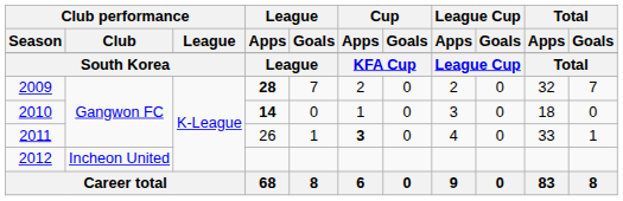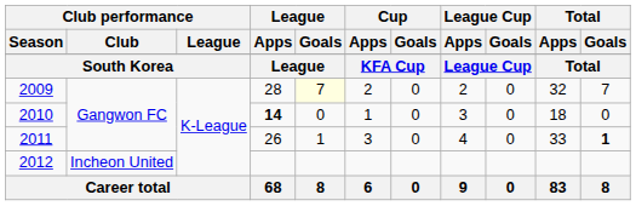 <table class="wikitable" style="text-align:center">
 <tr>
 <th colspan=3>Club performance</th>
 <th colspan=2>League</th>
 <th colspan=2>Cup</th>
 <th colspan=2>League Cup</th>
 <th colspan=2>Total</th>
 </tr>
 <tr>
 <th>Season</th>
 <th>Club</th>
 <th>League</th>
 <th>Apps</th>
 <th>Goals</th>
 <th>Apps</th>
 <th>Goals</th>
 <th>Apps</th>
 <th>Goals</th>
 <th>Apps</th>
 <th>Goals</th>
 </tr>
 <tr>
 </tr>
 <tr>
 <th colspan=3>South Korea</th>
 <th colspan=2>League</th>
 <th colspan=2><a href='#'>KFA Cup</a></th>
 <th colspan=2><a href='#'>League Cup</a></th>
 <th colspan=2>Total</th>
 </tr>
 <tr>
 <td><a href='#'>2009</a></td>
 <td rowspan=3><a href='#'>Gangwon FC</a></td>
 <td rowspan=4><a href='#'>K-League</a></td>
-<td><strong>28</strong></td>
-<td>7</td>
+<td>28</td>
+<td style="background: lightyellow;">7</td>
 <td>2</td>
 <td>0</td>
 <td>2</td>
 <td>0</td>
 <td>32</td>
 <td>7</td>
 </tr>
 <tr>
 <td><a href='#'>2010</a></td>
 <td><strong>14</strong></td>
 <td>0</td>
 <td>1</td>
 <td>0</td>
 <td>3</td>
 <td>0</td>
 <td>18</td>
 <td>0</td>
 </tr>
 <tr>
 <td><a href='#'>2011</a></td>
 <td>26</td>
 <td>1</td>
-<td><strong>3</strong></td>
+<td>3</td>
 <td>0</td>
 <td>4</td>
 <td>0</td>
 <td>33</td>
-<td>1</td>
+<td><strong>1</strong></td>
 </tr>
 <tr>
 <td><a href='#'>2012</a></td>
 <td rowspan=1><a href='#'>Incheon United</a></td>
 <td></td>
 <td></td>
 <td></td>
 <td></td>
 <td></td>
 <td></td>
 <td></td>
 <td></td>
 </tr>
 <tr>
 <th colspan=3>Career total</th>
 <th>68</th>
 <th>8</th>
 <th>6</th>
 <th>0</th>
 <th>9</th>
 <th>0</th>
 <th>83</th>
 <th>8</th>
 </tr>
 </table>
